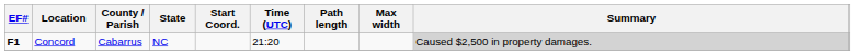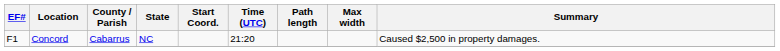 <table class="wikitable sortable" style="width:100%;">
 <tr>
 <th scope="col"  style="width:3%; text-align:center;"><a href='#'>EF#</a></th>
 <th scope="col"  style="width:7%; text-align:center;" class="unsortable">Location</th>
 <th scope="col"  style="width:6%; text-align:center;" class="unsortable">County / Parish</th>
 <th scope="col"  style="width:5%; text-align:center;">State</th>
 <th scope="col"  style="width:6%; text-align:center;">Start Coord.</th>
 <th scope="col"  style="width:6%; text-align:center;">Time (<a href='#'>UTC</a>)</th>
 <th scope="col"  style="width:6%; text-align:center;">Path length</th>
 <th scope="col"  style="width:6%; text-align:center;">Max width</th>
 <th scope="col" class="unsortable" style="width:48%; text-align:center;">Summary</th>
 </tr>
 <tr>
-<td bgcolor=><strong>F1</strong></td>
+<td bgcolor=>F1</td>
 <td><a href='#'>Concord</a></td>
 <td><a href='#'>Cabarrus</a></td>
 <td><a href='#'>NC</a></td>
 <td></td>
 <td>21:20</td>
 <td></td>
 <td></td>
-<td style="background: lightgrey;">Caused $2,500 in property damages.</td>
+<td>Caused $2,500 in property damages.</td>
 </tr>
 <tr>
 </tr>
 </table>
